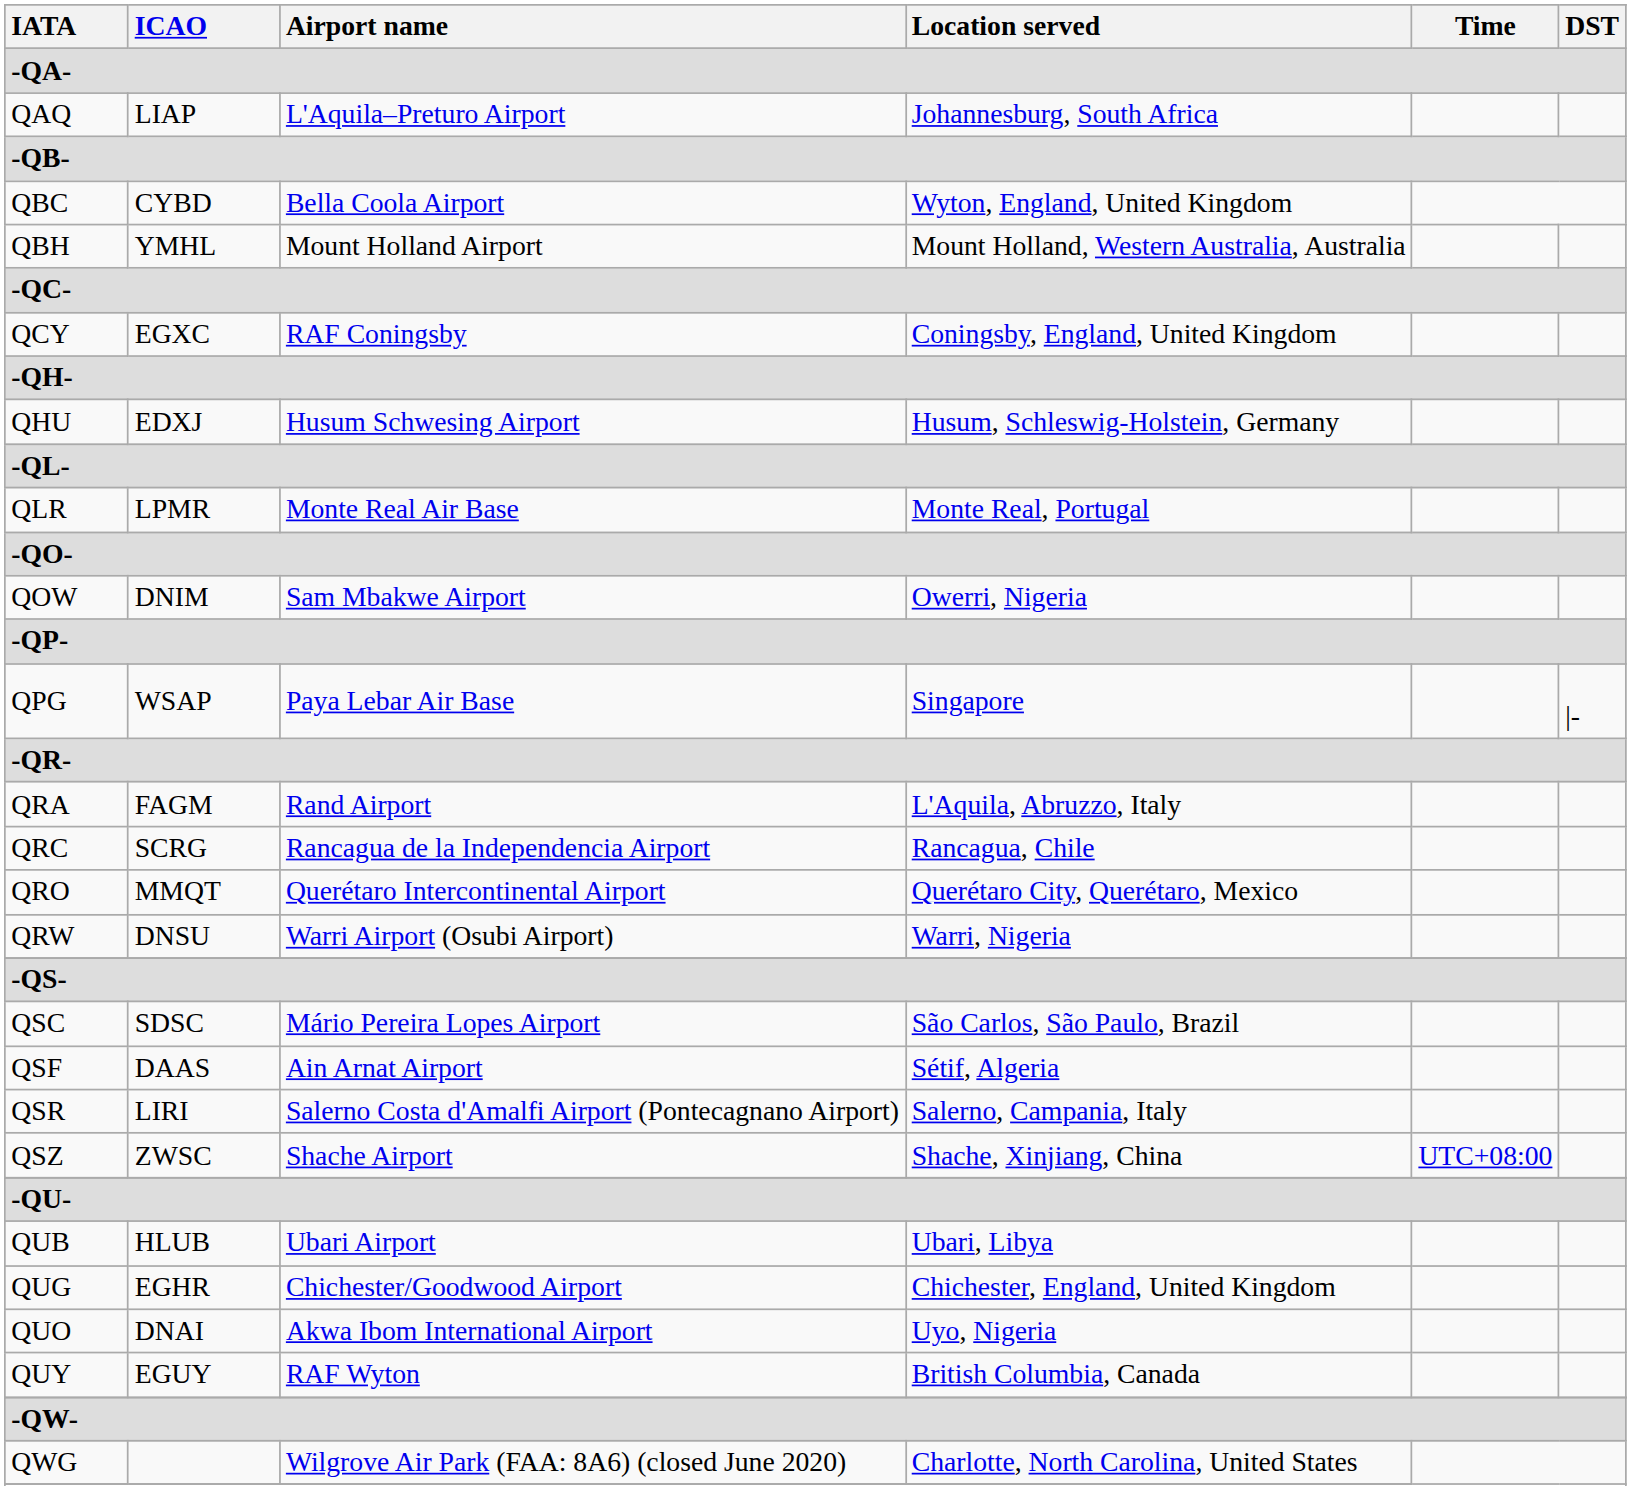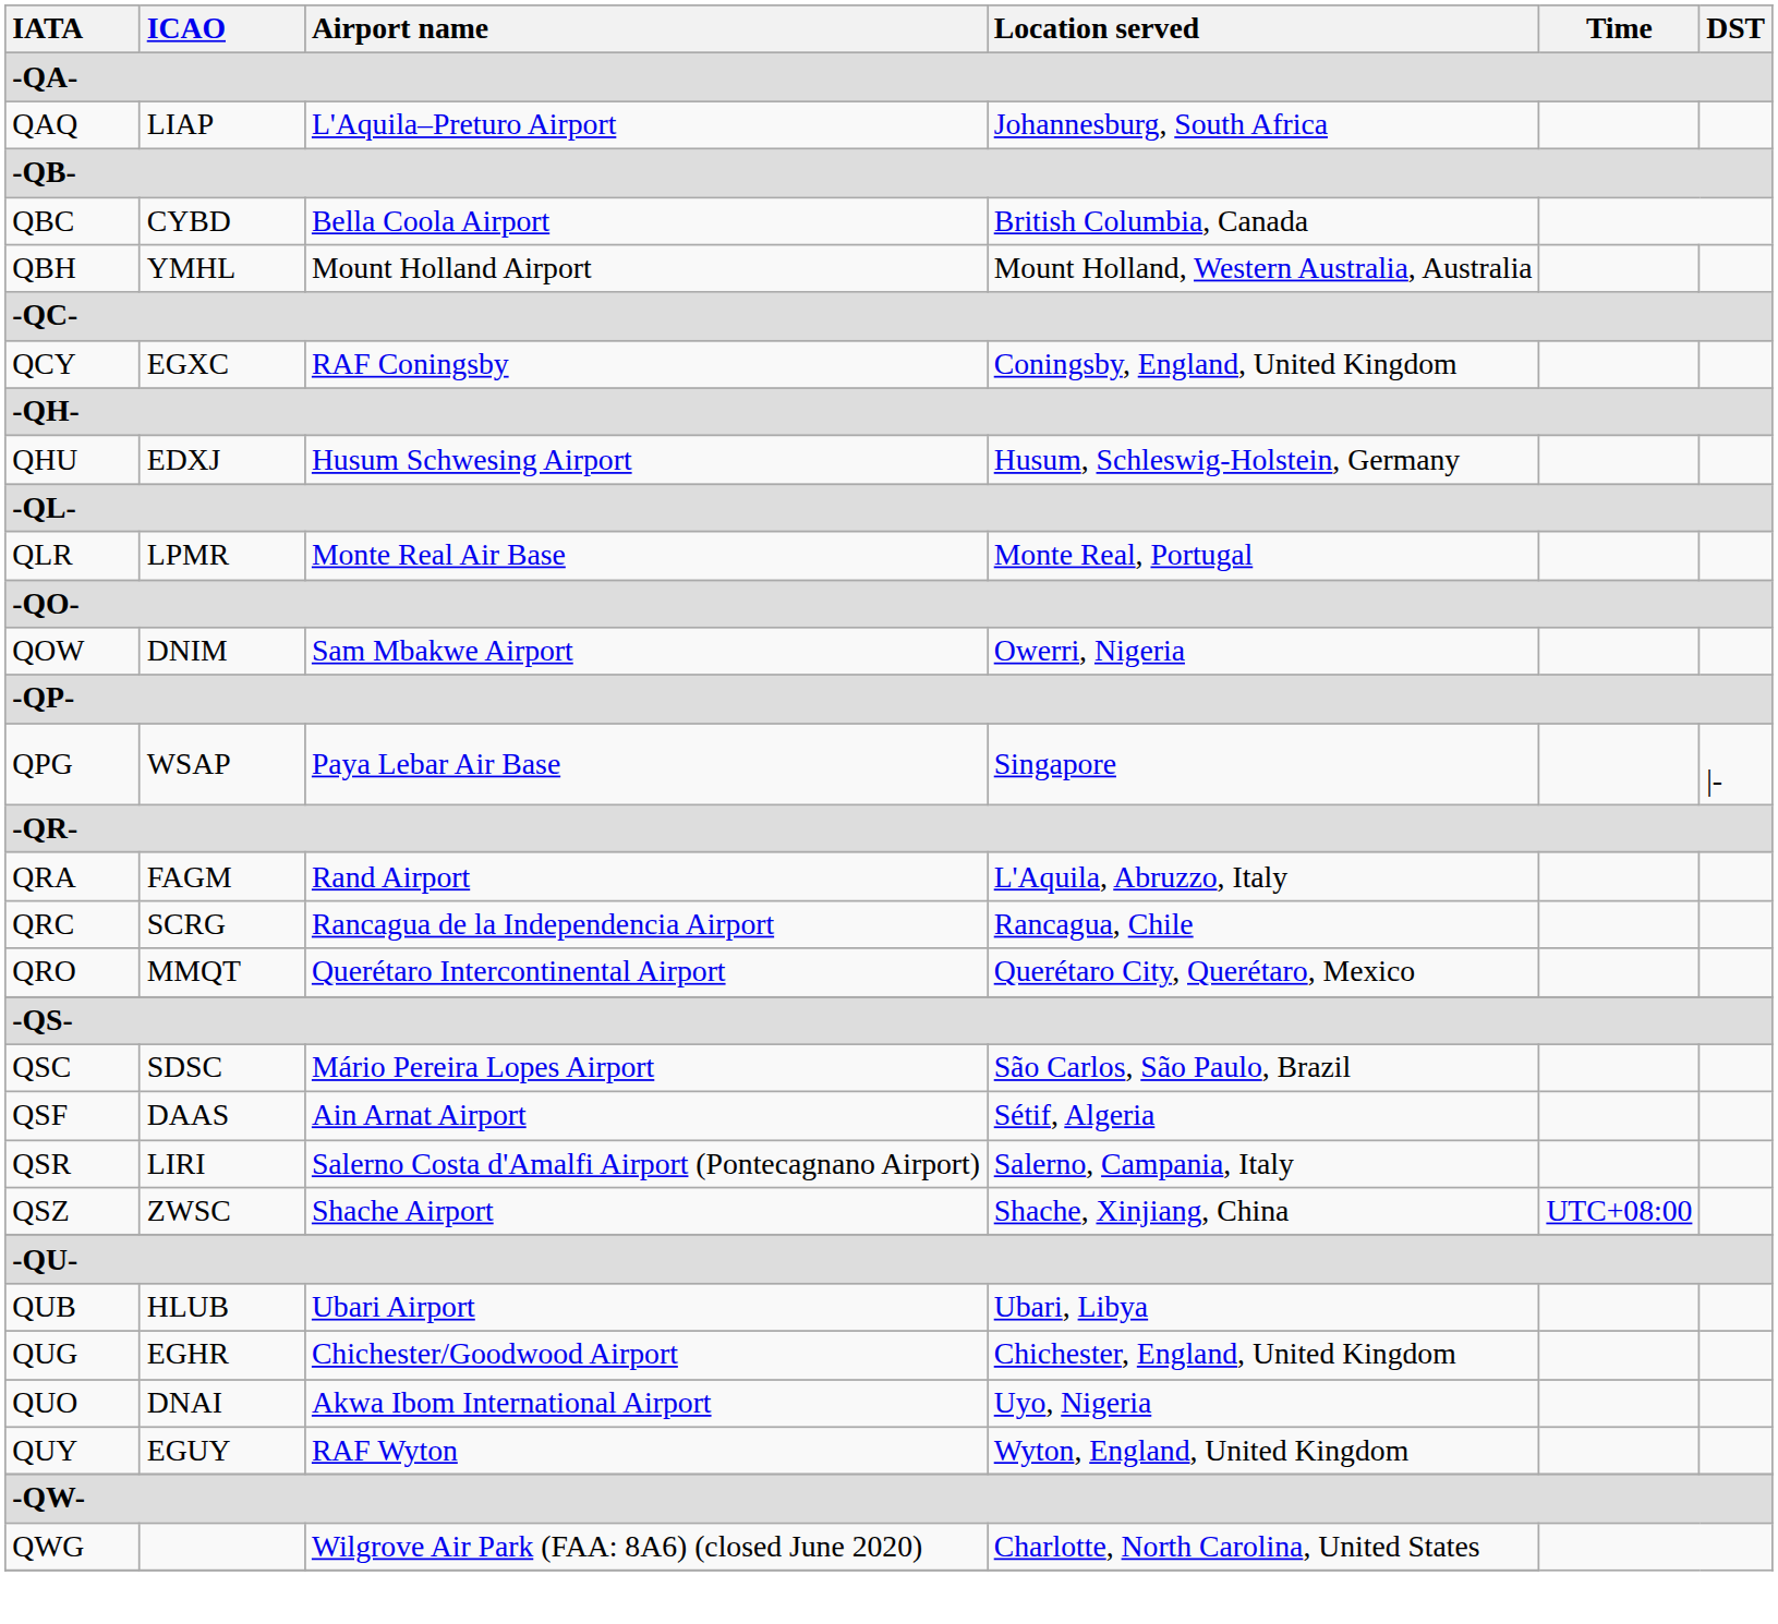 <table class="wikitable sortable">
 <tr>
 <th style="text-align:left; width:4em;">IATA</th>
 <th style="text-align:left; width:5em;"><a href='#'>ICAO</a></th>
 <th style="text-align:left;">Airport name</th>
 <th style="text-align:left;">Location served</th>
 <th>Time</th>
 <th>DST</th>
 </tr>
 <tr class="sortbottom">
 <th colspan="6" style="text-align:left; background:#DDDDDD;">-QA-</th>
 </tr>
 <tr>
 <td>QAQ</td>
 <td>LIAP</td>
 <td><a href='#'>L'Aquila–Preturo Airport</a></td>
 <td><a href='#'>Johannesburg</a>, <a href='#'>South Africa</a><br></td>
 <td></td>
 <td></td>
 </tr>
 <tr class="sortbottom">
 <th colspan="6" style="text-align:left; background:#DDDDDD;">-QB-</th>
 </tr>
 <tr>
 <td>QBC</td>
 <td>CYBD</td>
 <td><a href='#'>Bella Coola Airport</a></td>
-<td><a href='#'>Wyton</a>, <a href='#'>England</a>, United Kingdom</td>
+<td><a href='#'>British Columbia</a>, Canada</td>
 </tr>
 <tr>
 <td>QBH</td>
 <td>YMHL</td>
 <td>Mount Holland Airport</td>
 <td>Mount Holland, <a href='#'>Western Australia</a>, Australia</td>
 <td></td>
 <td><br></td>
 </tr>
 <tr class="sortbottom">
 <th colspan="6" style="text-align:left; background:#DDDDDD;">-QC-</th>
 </tr>
 <tr>
 <td>QCY</td>
 <td>EGXC</td>
 <td><a href='#'>RAF Coningsby</a></td>
 <td><a href='#'>Coningsby</a>, <a href='#'>England</a>, United Kingdom</td>
 <td></td>
 <td><br>         </td>
 </tr>
 <tr class="sortbottom">
 <th colspan="6" style="text-align:left; background:#DDDDDD;">-QH-</th>
 </tr>
 <tr>
 <td>QHU</td>
 <td>EDXJ</td>
 <td><a href='#'>Husum Schwesing Airport</a></td>
 <td><a href='#'>Husum</a>, <a href='#'>Schleswig-Holstein</a>, Germany</td>
 <td></td>
 <td><br>                </td>
 </tr>
 <tr class="sortbottom">
 <th colspan="6" style="text-align:left; background:#DDDDDD;">-QL-</th>
 </tr>
 <tr>
 <td>QLR</td>
 <td>LPMR</td>
 <td><a href='#'>Monte Real Air Base</a></td>
 <td><a href='#'>Monte Real</a>, <a href='#'>Portugal</a></td>
 <td></td>
 <td></td>
 </tr>
 <tr class="sortbottom">
 <th colspan="6" style="text-align:left; background:#DDDDDD;">-QO-</th>
 </tr>
 <tr>
 <td>QOW</td>
 <td>DNIM</td>
 <td><a href='#'>Sam Mbakwe Airport</a></td>
 <td><a href='#'>Owerri</a>, <a href='#'>Nigeria</a></td>
 <td></td>
 <td></td>
 </tr>
 <tr class="sortbottom">
 <th colspan="6" style="text-align:left; background:#DDDDDD;">-QP-</th>
 </tr>
 <tr>
 <td>QPG</td>
 <td>WSAP</td>
 <td><a href='#'>Paya Lebar Air Base</a></td>
 <td><a href='#'>Singapore</a></td>
 <td></td>
 <td><br>  |-</td>
 </tr>
 <tr class="sortbottom">
 <th colspan="6" style="text-align:left; background:#DDDDDD;">-QR-<br></th>
 </tr>
 <tr>
 <td>QRA</td>
 <td>FAGM</td>
 <td><a href='#'>Rand Airport</a></td>
 <td><a href='#'>L'Aquila</a>, <a href='#'>Abruzzo</a>, Italy</td>
 <td></td>
 <td></td>
 </tr>
 <tr>
 <td>QRC</td>
 <td>SCRG</td>
 <td><a href='#'>Rancagua de la Independencia Airport</a></td>
 <td><a href='#'>Rancagua</a>, <a href='#'>Chile</a></td>
 <td></td>
 <td></td>
 </tr>
 <tr>
 <td>QRO</td>
 <td>MMQT</td>
 <td><a href='#'>Querétaro Intercontinental Airport</a></td>
 <td><a href='#'>Querétaro City</a>, <a href='#'>Querétaro</a>, Mexico</td>
 <td></td>
 <td></td>
 </tr>
 <tr>
-<td>QRW</td>
-<td>DNSU</td>
-<td><a href='#'>Warri Airport</a> (Osubi Airport)</td>
-<td><a href='#'>Warri</a>, <a href='#'>Nigeria</a></td>
-<td></td>
-<td></td>
-</tr>
-<tr>
 </tr>
 <tr class="sortbottom">
 <th colspan="6" style="text-align:left; background:#DDDDDD;">-QS-</th>
 </tr>
 <tr>
 <td>QSC</td>
 <td>SDSC</td>
 <td><a href='#'>Mário Pereira Lopes Airport</a></td>
 <td><a href='#'>São Carlos</a>, <a href='#'>São Paulo</a>, Brazil</td>
 <td></td>
 <td></td>
 </tr>
 <tr>
 <td>QSF</td>
 <td>DAAS</td>
 <td><a href='#'>Ain Arnat Airport</a></td>
 <td><a href='#'>Sétif</a>, <a href='#'>Algeria</a><br></td>
 <td></td>
 <td></td>
 </tr>
 <tr>
 <td>QSR</td>
 <td>LIRI</td>
 <td><a href='#'>Salerno Costa d'Amalfi Airport</a> (Pontecagnano Airport)</td>
 <td><a href='#'>Salerno</a>, <a href='#'>Campania</a>, Italy</td>
 <td></td>
 <td></td>
 </tr>
 <tr>
 <td>QSZ</td>
 <td>ZWSC</td>
 <td><a href='#'>Shache Airport</a></td>
 <td><a href='#'>Shache</a>, <a href='#'>Xinjiang</a>, China</td>
 <td><a href='#'>UTC+08:00</a></td>
 <td></td>
 </tr>
 <tr>
 </tr>
 <tr class="sortbottom">
 <th colspan="6" style="text-align:left; background:#DDDDDD;">-QU-</th>
 </tr>
 <tr>
 <td>QUB</td>
 <td>HLUB</td>
 <td><a href='#'>Ubari Airport</a></td>
 <td><a href='#'>Ubari</a>, <a href='#'>Libya</a></td>
 <td></td>
 <td></td>
 </tr>
 <tr>
 <td>QUG</td>
 <td>EGHR</td>
 <td><a href='#'>Chichester/Goodwood Airport</a></td>
 <td><a href='#'>Chichester</a>, <a href='#'>England</a>, United Kingdom</td>
 <td></td>
 <td></td>
 </tr>
 <tr>
 <td>QUO</td>
 <td>DNAI</td>
 <td><a href='#'>Akwa Ibom International Airport</a></td>
 <td><a href='#'>Uyo</a>, <a href='#'>Nigeria</a></td>
 <td></td>
 <td></td>
 </tr>
 <tr>
 <td>QUY</td>
 <td>EGUY</td>
 <td><a href='#'>RAF Wyton</a></td>
-<td><a href='#'>British Columbia</a>, Canada</td>
+<td><a href='#'>Wyton</a>, <a href='#'>England</a>, United Kingdom</td>
 <td></td>
 <td></td>
 </tr>
 <tr>
 </tr>
 <tr class="sortbottom">
 <th colspan="6" style="text-align:left; background:#DDDDDD;">-QW-</th>
 </tr>
 <tr>
 <td>QWG</td>
 <td></td>
 <td><a href='#'>Wilgrove Air Park</a> (FAA: 8A6) (closed June 2020)</td>
 <td><a href='#'>Charlotte</a>, <a href='#'>North Carolina</a>, United States</td>
 </tr>
 <tr class="sortbottom">
 </tr>
 <tr>
 </tr>
 </table>
